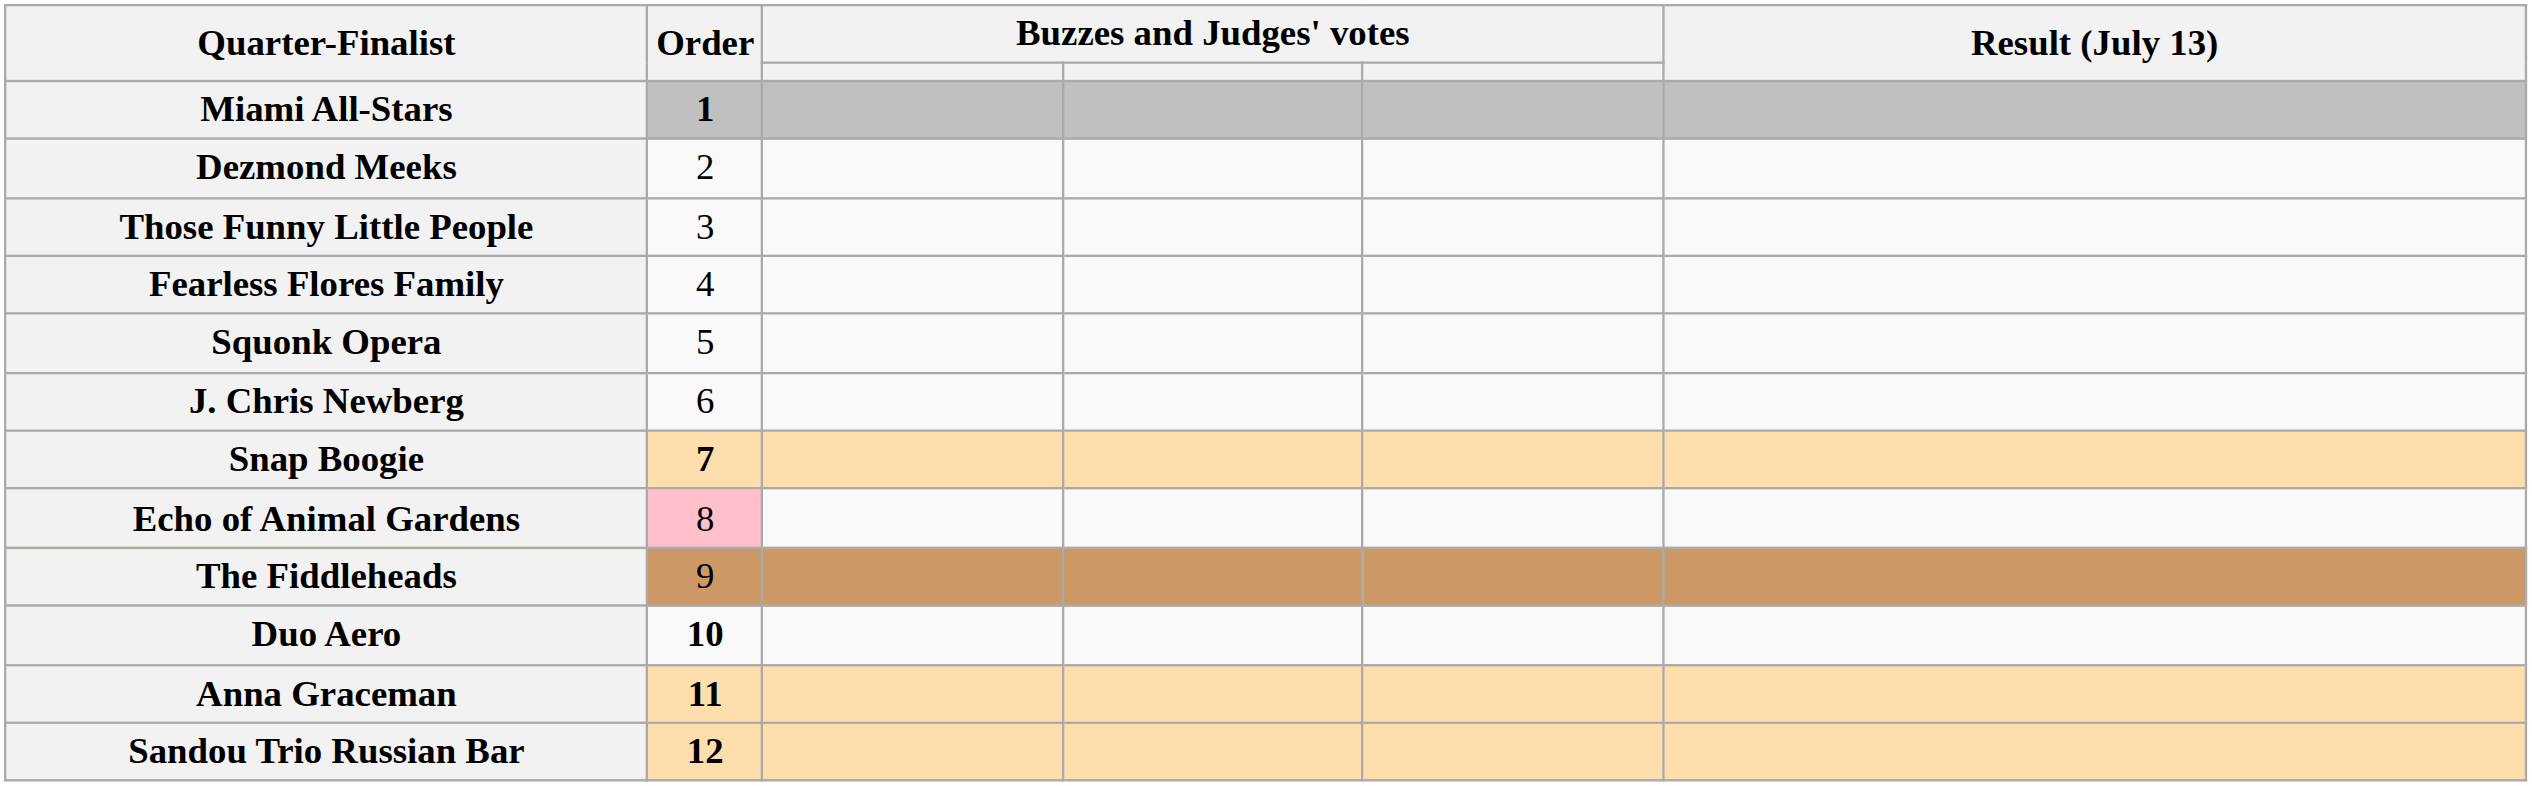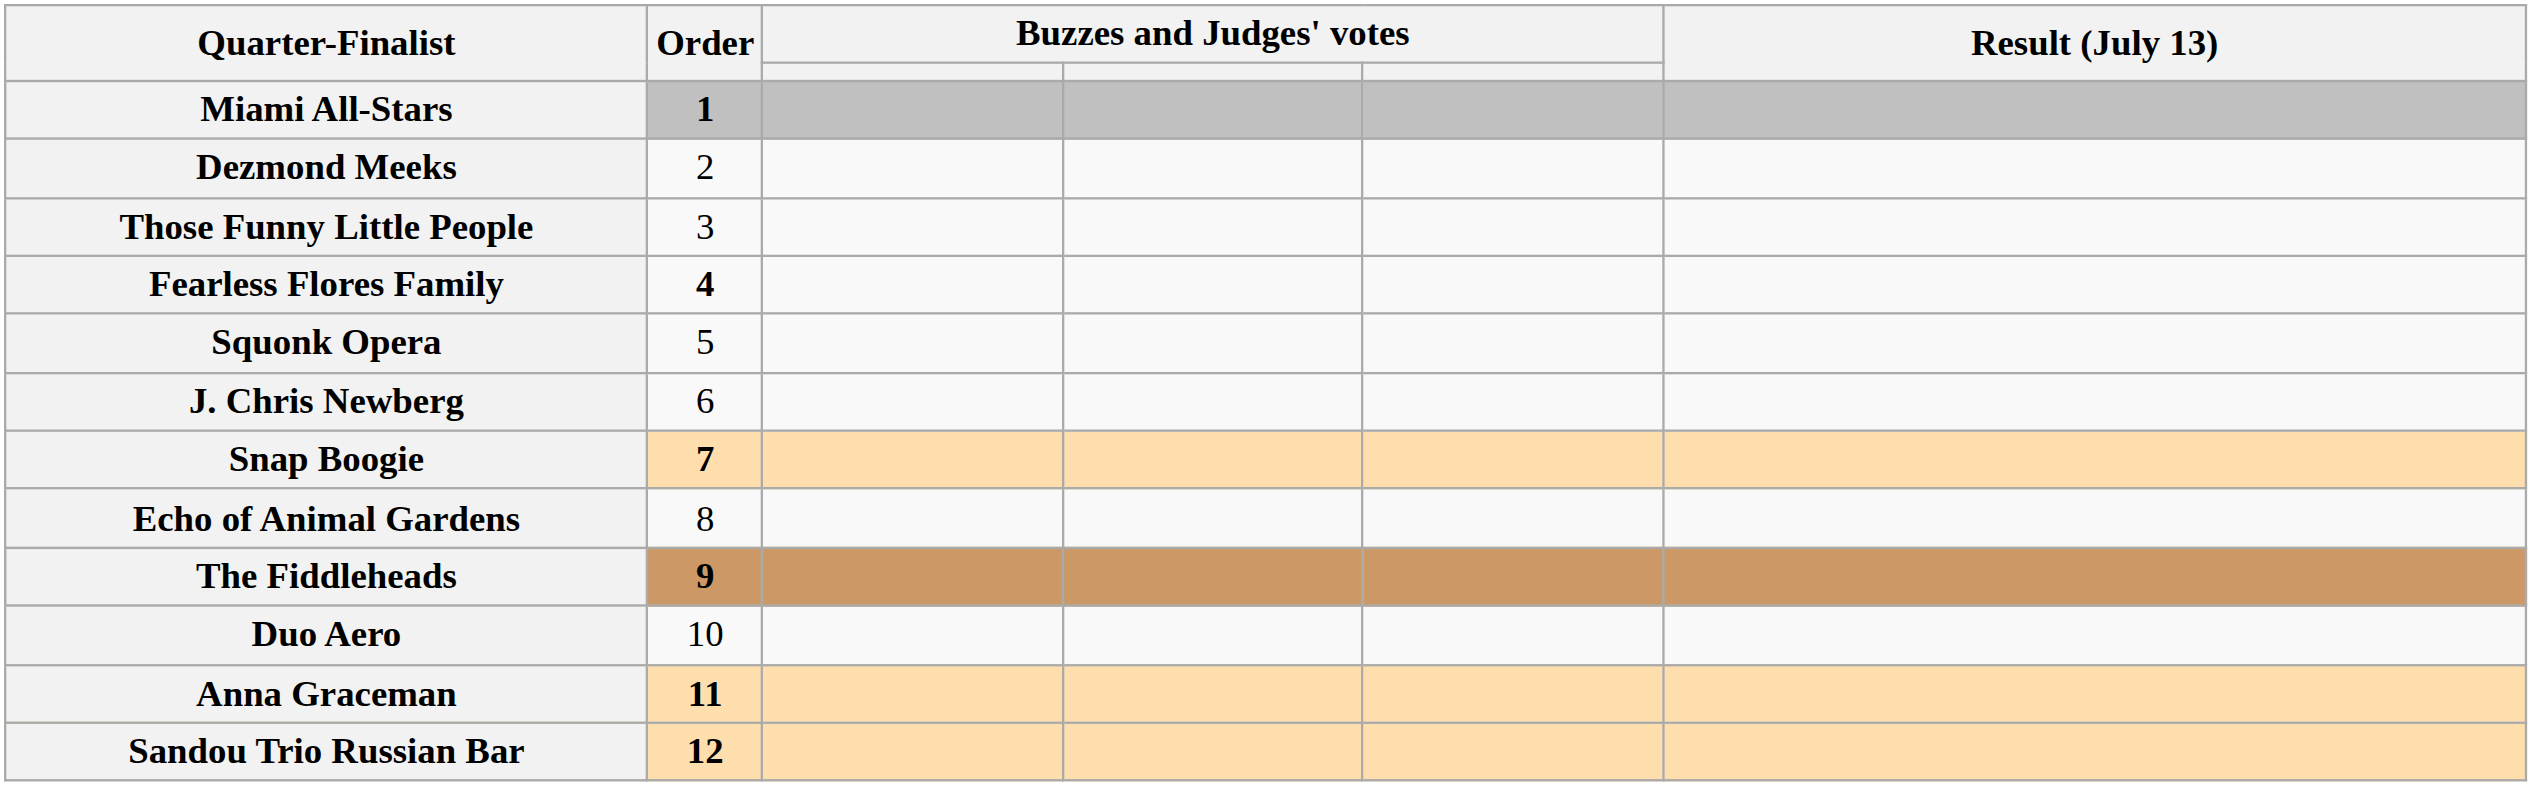 <table class="wikitable plainrowheaders sortable" style="text-align:center;">
 <tr>
 <th scope="col" rowspan="2" class="unsortable" style="width:17em;">Quarter-Finalist</th>
 <th scope="col" rowspan="2" style="width:1em;">Order</th>
 <th scope="col" colspan="3" class="unsortable" style="width:24em;">Buzzes and Judges' votes</th>
 <th scope="col" rowspan="2" style="width:23em;">Result (July 13)</th>
 </tr>
 <tr>
 <th scope="col" class="unsortable" style="width:6em;"></th>
 <th scope="col" class="unsortable" style="width:6em;"></th>
 <th scope="col" class="unsortable" style="width:6em;"></th>
 </tr>
 <tr style="background:Silver;">
 <th scope="row"><strong>Miami All-Stars</strong></th>
 <td><strong>1</strong></td>
 <td style="text-align:center;"></td>
 <td style="text-align:center;"></td>
 <td style="text-align:center;"></td>
 <td><strong></strong></td>
 </tr>
 <tr>
 <th scope="row">Dezmond Meeks</th>
 <td>2</td>
 <td style="text-align:center;"></td>
 <td style="text-align:center;"></td>
 <td style="text-align:center;"></td>
 <td></td>
 </tr>
 <tr>
 <th scope="row">Those Funny Little People</th>
 <td>3</td>
 <td style="text-align:center;"></td>
 <td style="text-align:center;"></td>
 <td style="text-align:center;"></td>
 <td></td>
 </tr>
 <tr>
 <th scope="row">Fearless Flores Family</th>
-<td>4</td>
+<td><strong>4</strong></td>
 <td style="text-align:center;"></td>
 <td style="text-align:center;"></td>
 <td style="text-align:center;"></td>
 <td></td>
 </tr>
 <tr>
 <th scope="row">Squonk Opera</th>
 <td>5</td>
 <td style="text-align:center;"></td>
 <td style="text-align:center;"></td>
 <td style="text-align:center;"></td>
 <td></td>
 </tr>
 <tr>
 <th scope="row">J. Chris Newberg</th>
 <td>6</td>
 <td style="text-align:center;"></td>
 <td style="text-align:center;"></td>
 <td style="text-align:center;"></td>
 <td></td>
 </tr>
 <tr style="background:NavajoWhite;">
 <th scope="row"><strong>Snap Boogie</strong></th>
 <td><strong>7</strong></td>
 <td style="text-align:center;"></td>
 <td style="text-align:center;"></td>
 <td style="text-align:center;"></td>
 <td><strong></strong></td>
 </tr>
 <tr>
 <th scope="row">Echo of Animal Gardens</th>
-<td style="background: pink;">8</td>
+<td>8</td>
 <td style="text-align:center;"></td>
 <td style="text-align:center;"></td>
 <td style="text-align:center;"></td>
 <td></td>
 </tr>
 <tr style="background:#c96;">
 <th scope="row">The Fiddleheads</th>
-<td>9</td>
+<td><strong>9</strong></td>
 <td style="text-align:center;"></td>
 <td style="text-align:center;"></td>
 <td style="text-align:center;"></td>
 <td></td>
 </tr>
 <tr>
 <th scope="row">Duo Aero</th>
-<td><strong>10</strong></td>
+<td>10</td>
 <td style="text-align:center;"></td>
 <td style="text-align:center;"></td>
 <td style="text-align:center;"></td>
 <td></td>
 </tr>
 <tr style="background:NavajoWhite;">
 <th scope="row"><strong>Anna Graceman</strong></th>
 <td><strong>11</strong></td>
 <td style="text-align:center;"></td>
 <td style="text-align:center;"></td>
 <td style="text-align:center;"></td>
 <td><strong></strong></td>
 </tr>
 <tr style="background:NavajoWhite;">
 <th scope="row"><strong>Sandou Trio Russian Bar</strong></th>
 <td><strong>12</strong></td>
 <td style="text-align:center;"></td>
 <td style="text-align:center;"></td>
 <td style="text-align:center;"></td>
 <td><strong></strong></td>
 </tr>
 </table>
